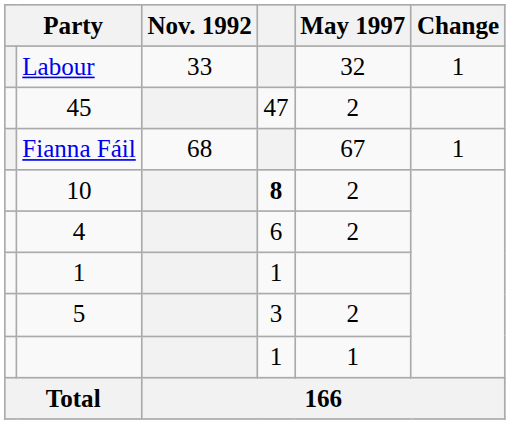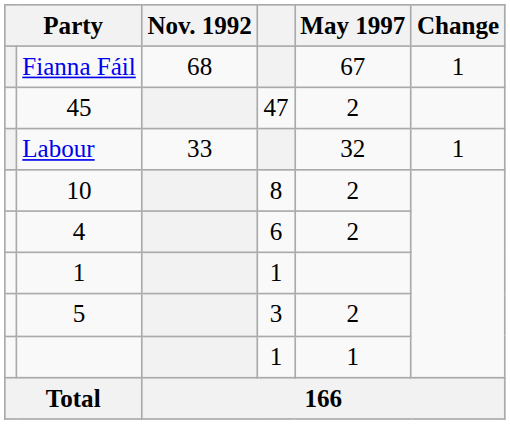 <table class="wikitable sortable" style="font-size: 95%;">
 <tr>
 <th colspan=2>Party</th>
 <th>Nov. 1992</th>
 <th class=unsortable></th>
 <th>May 1997</th>
 <th class=unsortable>Change</th>
+</tr>
+<tr>
+<th style="background-color: "></th>
+<td><a href='#'>Fianna Fáil</a></td>
+<td align="center">68</td>
+<th style="background-color: "></th>
+<td align="center">67</td>
+<td align="center"> 1</td>
+</tr>
+<tr>
+<td></td>
+<td align="center">45</td>
+<th style="background-color: "></th>
+<td align="center">47</td>
+<td align="center"> 2</td>
 </tr>
 <tr>
 <th style="background-color: "></th>
 <td><a href='#'>Labour</a></td>
 <td align="center">33</td>
 <th style="background-color: "></th>
 <td align="center">32</td>
 <td align="center"> 1</td>
 </tr>
 <tr>
 <td></td>
-<td align="center">45</td>
-<th style="background-color: "></th>
-<td align="center">47</td>
-<td align="center"> 2</td>
-</tr>
-<tr>
-<th style="background-color: "></th>
-<td><a href='#'>Fianna Fáil</a></td>
-<td align="center">68</td>
-<th style="background-color: "></th>
-<td align="center">67</td>
-<td align="center"> 1</td>
-</tr>
-<tr>
-<td></td>
 <td align="center">10</td>
 <th style="background-color: "></th>
-<td align="center"><strong>8</strong></td>
+<td align="center">8</td>
 <td align="center"> 2</td>
 </tr>
 <tr>
 <td></td>
 <td align="center">4</td>
 <th style="background-color: "></th>
 <td align="center">6</td>
 <td align="center"> 2</td>
 </tr>
 <tr>
 <td></td>
 <td align="center">1</td>
 <th style="background-color: "></th>
 <td align="center">1</td>
 <td align="center"></td>
 </tr>
 <tr>
 <td></td>
 <td align="center">5</td>
 <th style="background-color: "></th>
 <td align="center">3</td>
 <td align="center"> 2</td>
 </tr>
 <tr>
 <td></td>
 <td></td>
 <th style="background-color: "></th>
 <td align="center">1</td>
 <td align="center"> 1</td>
 </tr>
 <tr>
 <th colspan="2"><strong>Total</strong></th>
 <th colspan="4" align="center"><strong>166</strong></th>
 </tr>
 </table>
